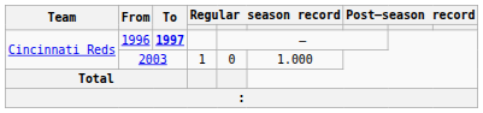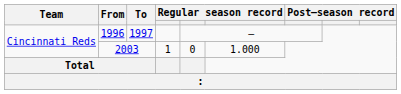 <table class="wikitable" Style="text-align: center">
 <tr>
 <th rowspan="2">Team</th>
 <th rowspan="2">From</th>
 <th rowspan="2">To</th>
 <th colspan="3">Regular season record</th>
 <th colspan="3">Post–season record</th>
 </tr>
 <tr>
 <th></th>
 <th></th>
 <th></th>
 <th></th>
 <th></th>
 <th></th>
 </tr>
 <tr>
 <td rowspan="2"><a href='#'>Cincinnati Reds</a></td>
 <td><a href='#'>1996</a></td>
-<td><strong><a href='#'>1997</a></strong></td>
+<td><a href='#'>1997</a></td>
 <td></td>
 <td colspan="3">—</td>
 </tr>
 <tr>
 <td colspan="2"><a href='#'>2003</a></td>
 <td>1</td>
 <td>0</td>
 <td>1.000</td>
 </tr>
 <tr>
 <th colspan="3">Total</th>
 <th></th>
 <th></th>
 </tr>
 <tr>
 <th colspan="9">:</th>
 </tr>
 </table>
